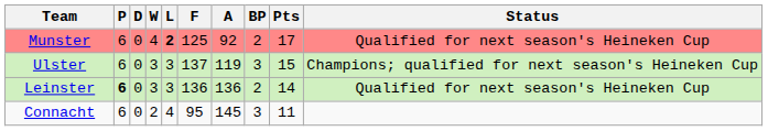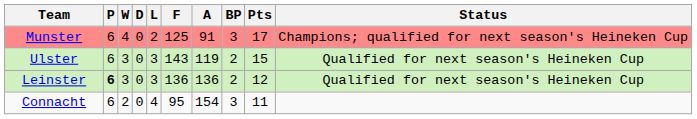 <table class="wikitable" style="text-align:center;">
 <tr>
 <th width="90px">Team</th>
 <th>P</th>
+<th>W</th>
 <th>D</th>
-<th>W</th>
 <th>L</th>
 <th width="23px">F</th>
 <th width="23px">A</th>
 <th>BP</th>
 <th width="23px">Pts</th>
 <th>Status</th>
 </tr>
 <tr bgcolor="#FF8888">
 <td> <a href='#'>Munster</a></td>
 <td>6</td>
+<td>4</td>
 <td>0</td>
-<td>4</td>
-<td><strong>2</strong></td>
+<td>2</td>
 <td>125</td>
-<td>92</td>
-<td>2</td>
+<td>91</td>
+<td>3</td>
 <td>17</td>
-<td>Qualified for next season's Heineken Cup</td>
+<td>Champions; qualified for next season's Heineken Cup</td>
 </tr>
 <tr bgcolor="#D0F0C0">
 <td> <a href='#'>Ulster</a></td>
 <td>6</td>
+<td>3</td>
 <td>0</td>
 <td>3</td>
-<td>3</td>
-<td>137</td>
+<td>143</td>
 <td>119</td>
-<td>3</td>
+<td>2</td>
 <td>15</td>
-<td>Champions; qualified for next season's Heineken Cup</td>
+<td>Qualified for next season's Heineken Cup</td>
 </tr>
 <tr bgcolor="#D0F0C0">
 <td> <a href='#'>Leinster</a></td>
 <td><strong>6</strong></td>
+<td>3</td>
 <td>0</td>
-<td>3</td>
 <td>3</td>
 <td>136</td>
 <td>136</td>
 <td>2</td>
-<td>14</td>
+<td>12</td>
 <td>Qualified for next season's Heineken Cup</td>
 </tr>
 <tr>
 <td> <a href='#'>Connacht</a></td>
 <td>6</td>
+<td>2</td>
 <td>0</td>
-<td>2</td>
 <td>4</td>
 <td>95</td>
-<td>145</td>
+<td>154</td>
 <td>3</td>
 <td>11</td>
 <td></td>
 </tr>
 </table>
